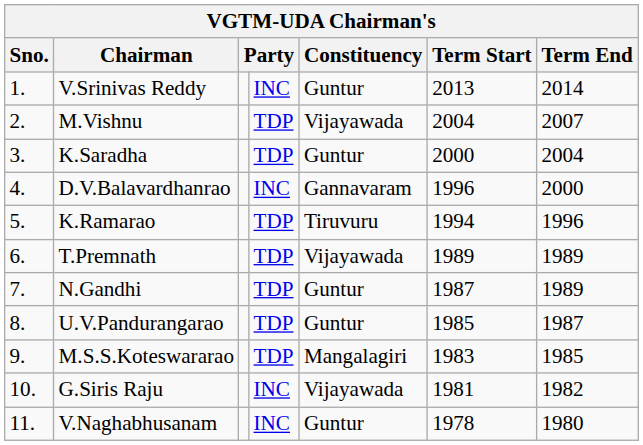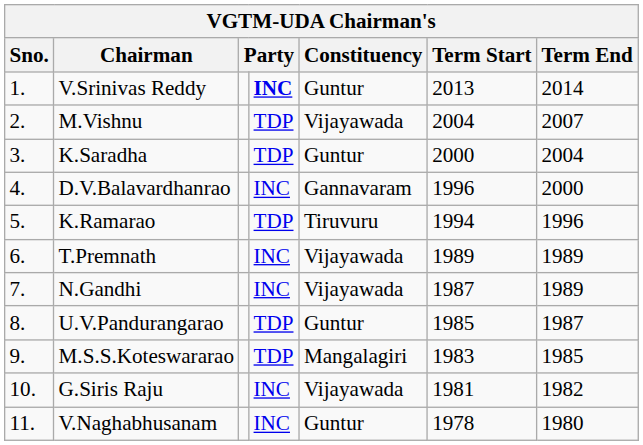 <table class="wikitable sortable">
 <tr>
 <th colspan="9">VGTM-UDA Chairman's</th>
 </tr>
 <tr>
 <th>Sno.</th>
 <th>Chairman</th>
 <th colspan="2">Party</th>
 <th>Constituency</th>
 <th>Term Start</th>
 <th>Term End</th>
 </tr>
 <tr>
 <td>1.</td>
 <td>V.Srinivas Reddy</td>
 <td></td>
-<td><a href='#'>INC</a></td>
+<td><strong><a href='#'>INC</a></strong></td>
 <td>Guntur</td>
 <td>2013</td>
 <td>2014</td>
 </tr>
 <tr>
 <td>2.</td>
 <td>M.Vishnu</td>
 <td></td>
 <td><a href='#'>TDP</a></td>
 <td>Vijayawada</td>
 <td>2004</td>
 <td>2007</td>
 </tr>
 <tr>
 <td>3.</td>
 <td>K.Saradha</td>
 <td></td>
 <td><a href='#'>TDP</a></td>
 <td>Guntur</td>
 <td>2000</td>
 <td>2004</td>
 </tr>
 <tr>
 <td>4.</td>
 <td>D.V.Balavardhanrao</td>
 <td></td>
 <td><a href='#'>INC</a></td>
 <td>Gannavaram</td>
 <td>1996</td>
 <td>2000</td>
 </tr>
 <tr>
 <td>5.</td>
 <td>K.Ramarao</td>
 <td></td>
 <td><a href='#'>TDP</a></td>
 <td>Tiruvuru</td>
 <td>1994</td>
 <td>1996</td>
 </tr>
 <tr>
 <td>6.</td>
 <td>T.Premnath</td>
 <td></td>
-<td><a href='#'>TDP</a></td>
+<td><a href='#'>INC</a></td>
 <td>Vijayawada</td>
 <td>1989</td>
 <td>1989</td>
 </tr>
 <tr>
 <td>7.</td>
 <td>N.Gandhi</td>
 <td></td>
-<td><a href='#'>TDP</a></td>
-<td>Guntur</td>
+<td><a href='#'>INC</a></td>
+<td>Vijayawada</td>
 <td>1987</td>
 <td>1989</td>
 </tr>
 <tr>
 <td>8.</td>
 <td>U.V.Pandurangarao</td>
 <td></td>
 <td><a href='#'>TDP</a></td>
 <td>Guntur</td>
 <td>1985</td>
 <td>1987</td>
 </tr>
 <tr>
 <td>9.</td>
 <td>M.S.S.Koteswararao</td>
 <td></td>
 <td><a href='#'>TDP</a></td>
 <td>Mangalagiri</td>
 <td>1983</td>
 <td>1985</td>
 </tr>
 <tr>
 <td>10.</td>
 <td>G.Siris Raju</td>
 <td></td>
 <td><a href='#'>INC</a></td>
 <td>Vijayawada</td>
 <td>1981</td>
 <td>1982</td>
 </tr>
 <tr>
 <td>11.</td>
 <td>V.Naghabhusanam</td>
 <td></td>
 <td><a href='#'>INC</a></td>
 <td>Guntur</td>
 <td>1978</td>
 <td>1980</td>
 </tr>
 </table>
